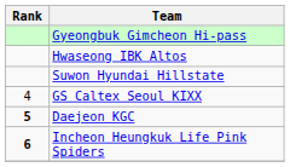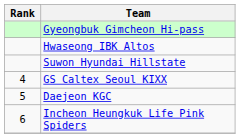 <table class="wikitable" style="text-align: center;">
 <tr>
 <th width=40>Rank</th>
 <th width=240>Team</th>
 </tr>
 <tr bgcolor=#ccffcc>
 <td></td>
 <td align=left><a href='#'>Gyeongbuk Gimcheon Hi-pass</a></td>
 </tr>
 <tr>
 <td></td>
 <td align=left><a href='#'>Hwaseong IBK Altos</a></td>
 </tr>
 <tr>
 <td></td>
 <td align=left><a href='#'>Suwon Hyundai Hillstate</a></td>
 </tr>
 <tr>
 <td>4</td>
 <td align=left><a href='#'>GS Caltex Seoul KIXX</a></td>
 </tr>
 <tr>
-<td><strong>5</strong></td>
+<td>5</td>
 <td align=left><a href='#'>Daejeon KGC</a></td>
 </tr>
 <tr>
-<td><strong>6</strong></td>
+<td>6</td>
 <td align=left><a href='#'>Incheon Heungkuk Life Pink Spiders</a></td>
 </tr>
 <tr>
 </tr>
 </table>
